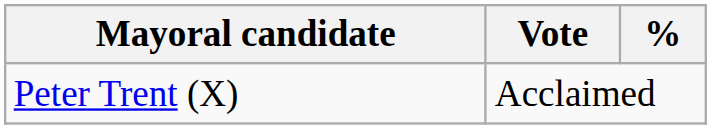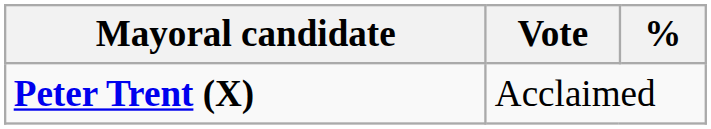 <table class="wikitable">
 <tr>
 <th bgcolor="#DDDDFF" width="200px">Mayoral candidate</th>
 <th bgcolor="#DDDDFF" width="50px">Vote</th>
 <th bgcolor="#DDDDFF"  width="30px">%</th>
 </tr>
 <tr>
-<td><a href='#'>Peter Trent</a> (X)</td>
+<td><strong><a href='#'>Peter Trent</a> (X)</strong></td>
 <td colspan="2">Acclaimed</td>
 </tr>
 </table>
